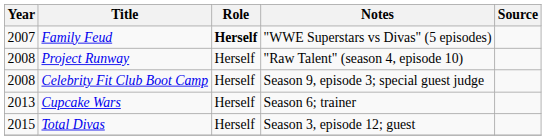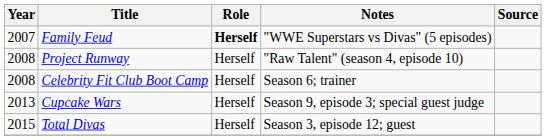 <table class="wikitable sortable">
 <tr>
 <th>Year</th>
 <th>Title</th>
 <th>Role</th>
 <th class="unsortable">Notes</th>
 <th class="unsortable">Source</th>
 </tr>
 <tr>
 <td>2007</td>
 <td><em><a href='#'>Family Feud</a></em></td>
 <td><strong>Herself</strong></td>
 <td>"WWE Superstars vs Divas" (5 episodes)</td>
 <td></td>
 </tr>
 <tr>
 <td>2008</td>
 <td><em><a href='#'>Project Runway</a></em></td>
 <td>Herself</td>
 <td>"Raw Talent" (season 4, episode 10)</td>
 <td></td>
 </tr>
 <tr>
 <td>2008</td>
 <td><em><a href='#'>Celebrity Fit Club Boot Camp</a></em></td>
 <td>Herself</td>
-<td>Season 9, episode 3; special guest judge</td>
+<td>Season 6; trainer</td>
 <td></td>
 </tr>
 <tr>
 <td>2013</td>
 <td><em><a href='#'>Cupcake Wars</a></em></td>
 <td>Herself</td>
-<td>Season 6; trainer</td>
+<td>Season 9, episode 3; special guest judge</td>
 <td></td>
 </tr>
 <tr>
 <td>2015</td>
 <td><em><a href='#'>Total Divas</a></em></td>
 <td>Herself</td>
 <td>Season 3, episode 12; guest</td>
 <td></td>
 </tr>
 <tr>
 </tr>
 </table>
